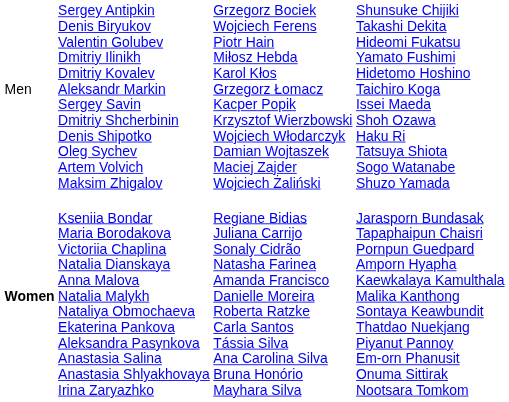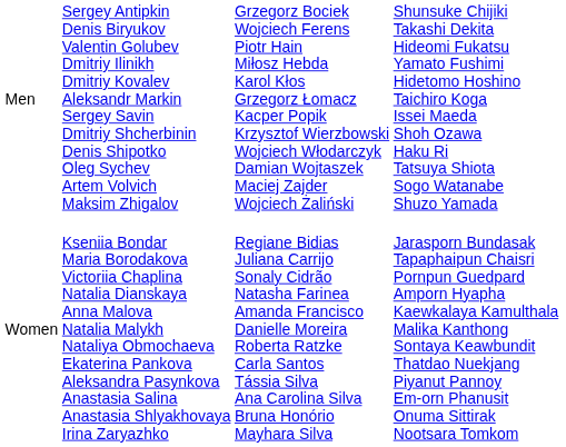 <table>
 <tr>
 <td>Men<br></td>
 <td><br><a href='#'>Sergey Antipkin</a><br> <a href='#'>Denis Biryukov</a><br> <a href='#'>Valentin Golubev</a><br> <a href='#'>Dmitriy Ilinikh</a><br> <a href='#'>Dmitriy Kovalev</a><br> <a href='#'>Aleksandr Markin</a><br> <a href='#'>Sergey Savin</a><br> <a href='#'>Dmitriy Shcherbinin</a><br> <a href='#'>Denis Shipotko</a><br> <a href='#'>Oleg Sychev</a><br> <a href='#'>Artem Volvich</a><br> <a href='#'>Maksim Zhigalov</a></td>
 <td><br><a href='#'>Grzegorz Bociek</a><br> <a href='#'>Wojciech Ferens</a><br> <a href='#'>Piotr Hain</a><br> <a href='#'>Miłosz Hebda</a><br> <a href='#'>Karol Kłos</a><br> <a href='#'>Grzegorz Łomacz</a><br> <a href='#'>Kacper Popik</a><br> <a href='#'>Krzysztof Wierzbowski</a><br> <a href='#'>Wojciech Włodarczyk</a><br> <a href='#'>Damian Wojtaszek</a><br> <a href='#'>Maciej Zajder</a><br> <a href='#'>Wojciech Żaliński</a></td>
 <td><br><a href='#'>Shunsuke Chijiki</a><br> <a href='#'>Takashi Dekita</a><br> <a href='#'>Hideomi Fukatsu</a><br> <a href='#'>Yamato Fushimi</a><br> <a href='#'>Hidetomo Hoshino</a><br> <a href='#'>Taichiro Koga</a><br> <a href='#'>Issei Maeda</a><br> <a href='#'>Shoh Ozawa</a><br> <a href='#'>Haku Ri</a><br> <a href='#'>Tatsuya Shiota</a><br> <a href='#'>Sogo Watanabe</a><br> <a href='#'>Shuzo Yamada</a></td>
 </tr>
 <tr>
-<td><strong>Women<br></strong></td>
+<td>Women<br></td>
 <td><br><a href='#'>Kseniia Bondar</a><br><a href='#'>Maria Borodakova</a><br><a href='#'>Victoriia Chaplina</a><br><a href='#'>Natalia Dianskaya</a><br><a href='#'>Anna Malova</a><br><a href='#'>Natalia Malykh</a><br><a href='#'>Nataliya Obmochaeva</a><br><a href='#'>Ekaterina Pankova</a><br><a href='#'>Aleksandra Pasynkova</a><br><a href='#'>Anastasia Salina</a><br><a href='#'>Anastasia Shlyakhovaya</a><br><a href='#'>Irina Zaryazhko</a></td>
 <td><br><a href='#'>Regiane Bidias</a><br><a href='#'>Juliana Carrijo</a><br><a href='#'>Sonaly Cidrão</a><br><a href='#'>Natasha Farinea</a><br><a href='#'>Amanda Francisco</a><br><a href='#'>Danielle Moreira</a><br><a href='#'>Roberta Ratzke</a><br><a href='#'>Carla Santos</a><br><a href='#'>Tássia Silva</a><br><a href='#'>Ana Carolina Silva</a><br><a href='#'>Bruna Honório</a><br><a href='#'>Mayhara Silva</a></td>
 <td><br><a href='#'>Jarasporn Bundasak</a><br><a href='#'>Tapaphaipun Chaisri</a><br><a href='#'>Pornpun Guedpard</a><br><a href='#'>Amporn Hyapha</a><br><a href='#'>Kaewkalaya Kamulthala</a><br><a href='#'>Malika Kanthong</a><br><a href='#'>Sontaya Keawbundit</a><br><a href='#'>Thatdao Nuekjang</a><br><a href='#'>Piyanut Pannoy</a><br><a href='#'>Em-orn Phanusit</a><br><a href='#'>Onuma Sittirak</a><br><a href='#'>Nootsara Tomkom</a></td>
 </tr>
 </table>
